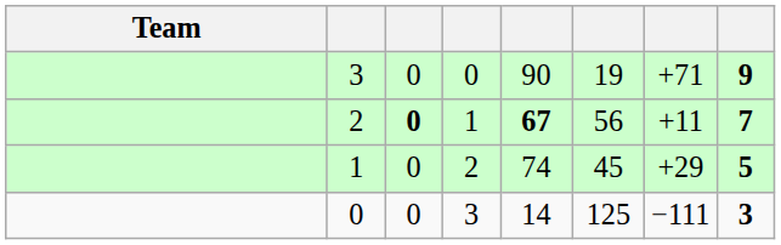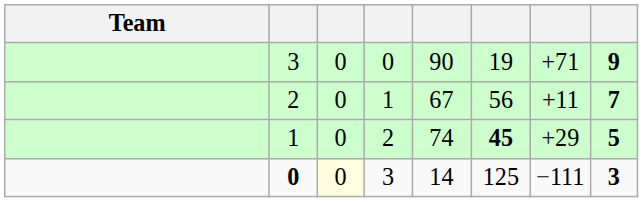 <table class="wikitable" style="text-align:center;">
 <tr>
 <th style="width:10.5em;">Team</th>
 <th style="width:1.5em;"></th>
 <th style="width:1.5em;"></th>
 <th style="width:1.5em;"></th>
 <th style="width:2.0em;"></th>
 <th style="width:2.0em;"></th>
 <th style="width:2.0em;"></th>
 <th style="width:1.5em;"></th>
 </tr>
 <tr bgcolor=#cfc>
 <td align="left"></td>
 <td>3</td>
 <td>0</td>
 <td>0</td>
 <td>90</td>
 <td>19</td>
 <td>+71</td>
 <td><strong>9</strong></td>
 </tr>
 <tr bgcolor=#cfc>
 <td align="left"></td>
 <td>2</td>
-<td><strong>0</strong></td>
+<td>0</td>
 <td>1</td>
-<td><strong>67</strong></td>
+<td>67</td>
 <td>56</td>
 <td>+11</td>
 <td><strong>7</strong></td>
 </tr>
 <tr bgcolor=#cfc>
 <td align="left"></td>
 <td>1</td>
 <td>0</td>
 <td>2</td>
 <td>74</td>
-<td>45</td>
+<td><strong>45</strong></td>
 <td>+29</td>
 <td><strong>5</strong></td>
 </tr>
 <tr>
 <td align="left"></td>
-<td>0</td>
-<td>0</td>
+<td><strong>0</strong></td>
+<td style="background: lightyellow;">0</td>
 <td>3</td>
 <td>14</td>
 <td>125</td>
 <td>−111</td>
 <td><strong>3</strong></td>
 </tr>
 </table>
